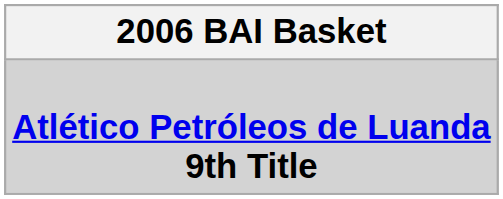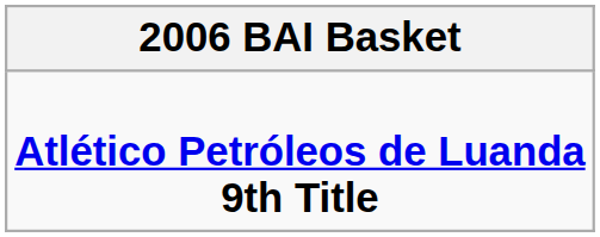 <table class=wikitable style="text-align:center; margin:auto">
 <tr>
 <th>2006 BAI Basket</th>
 </tr>
 <tr>
-<td style="background: lightgrey;"><br><strong><a href='#'>Atlético Petróleos de Luanda</a></strong><br><strong>9th Title</strong></td>
+<td><br><strong><a href='#'>Atlético Petróleos de Luanda</a></strong><br><strong>9th Title</strong></td>
 </tr>
 </table>
